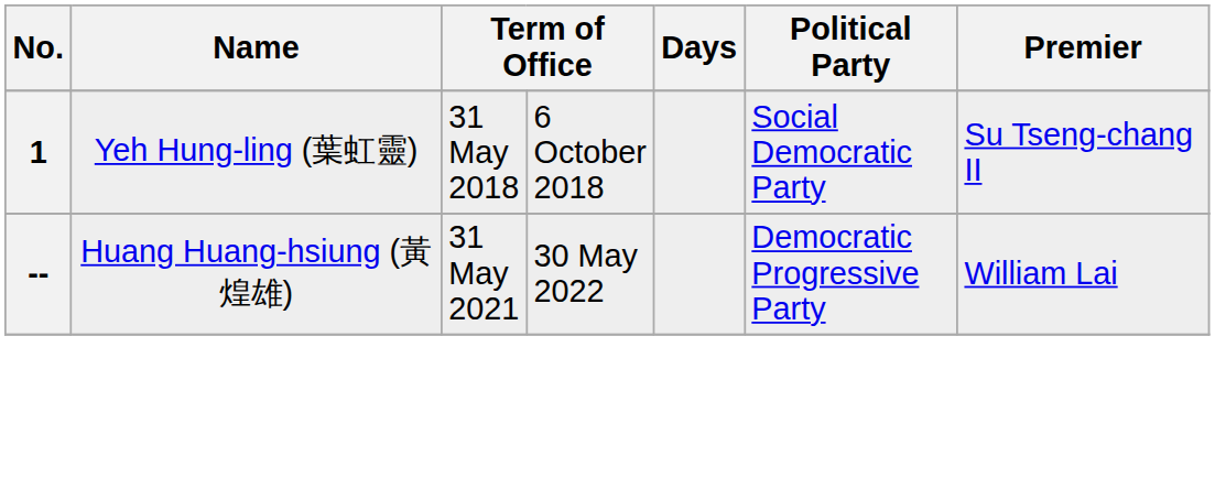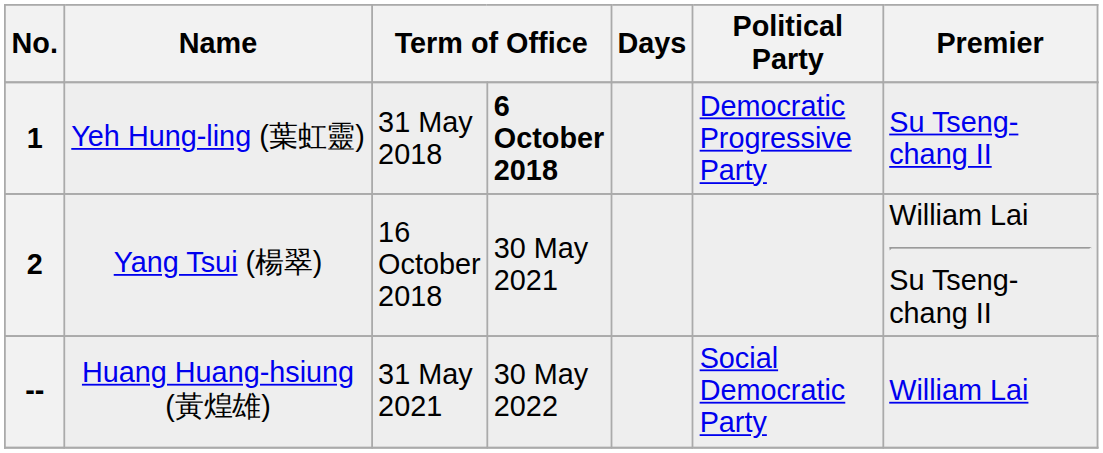 <table class="wikitable">
 <tr ->
 <th>No.</th>
 <th width="180">Name</th>
 <th colspan=2 width="180">Term of Office</th>
 <th>Days</th>
 <th width="100">Political Party</th>
 <th width="120">Premier</th>
 </tr>
 <tr ->
 </tr>
 <tr - bgcolor=#EEEEEE>
 <th style="background:">1</th>
 <td align=center><a href='#'>Yeh Hung-ling</a> (葉虹靈)</td>
 <td>31 May 2018</td>
-<td>6 October 2018</td>
+<td><strong>6 October 2018</strong></td>
 <td></td>
-<td><a href='#'>Social Democratic Party</a></td>
+<td><a href='#'>Democratic Progressive Party</a></td>
 <td><a href='#'>Su Tseng-chang II</a></td>
 </tr>
 <tr ->
+</tr>
+<tr - bgcolor=#EEEEEE>
+<th style="background:">2</th>
+<td align=center><a href='#'>Yang Tsui</a> (楊翠)</td>
+<td>16 October 2018</td>
+<td>30 May 2021</td>
+<td></td>
+<td></td>
+<td>William Lai<hr>Su Tseng-chang II</td>
 </tr>
 <tr ->
 </tr>
 <tr ->
 </tr>
 <tr - bgcolor=#EEEEEE>
 <th style="background:">--</th>
 <td align=center><a href='#'>Huang Huang-hsiung</a> (黃煌雄)</td>
 <td>31 May 2021</td>
 <td>30 May 2022</td>
 <td></td>
-<td><a href='#'>Democratic Progressive Party</a></td>
+<td><a href='#'>Social Democratic Party</a></td>
 <td><a href='#'>William Lai</a></td>
 </tr>
 <tr ->
 </tr>
 </table>
